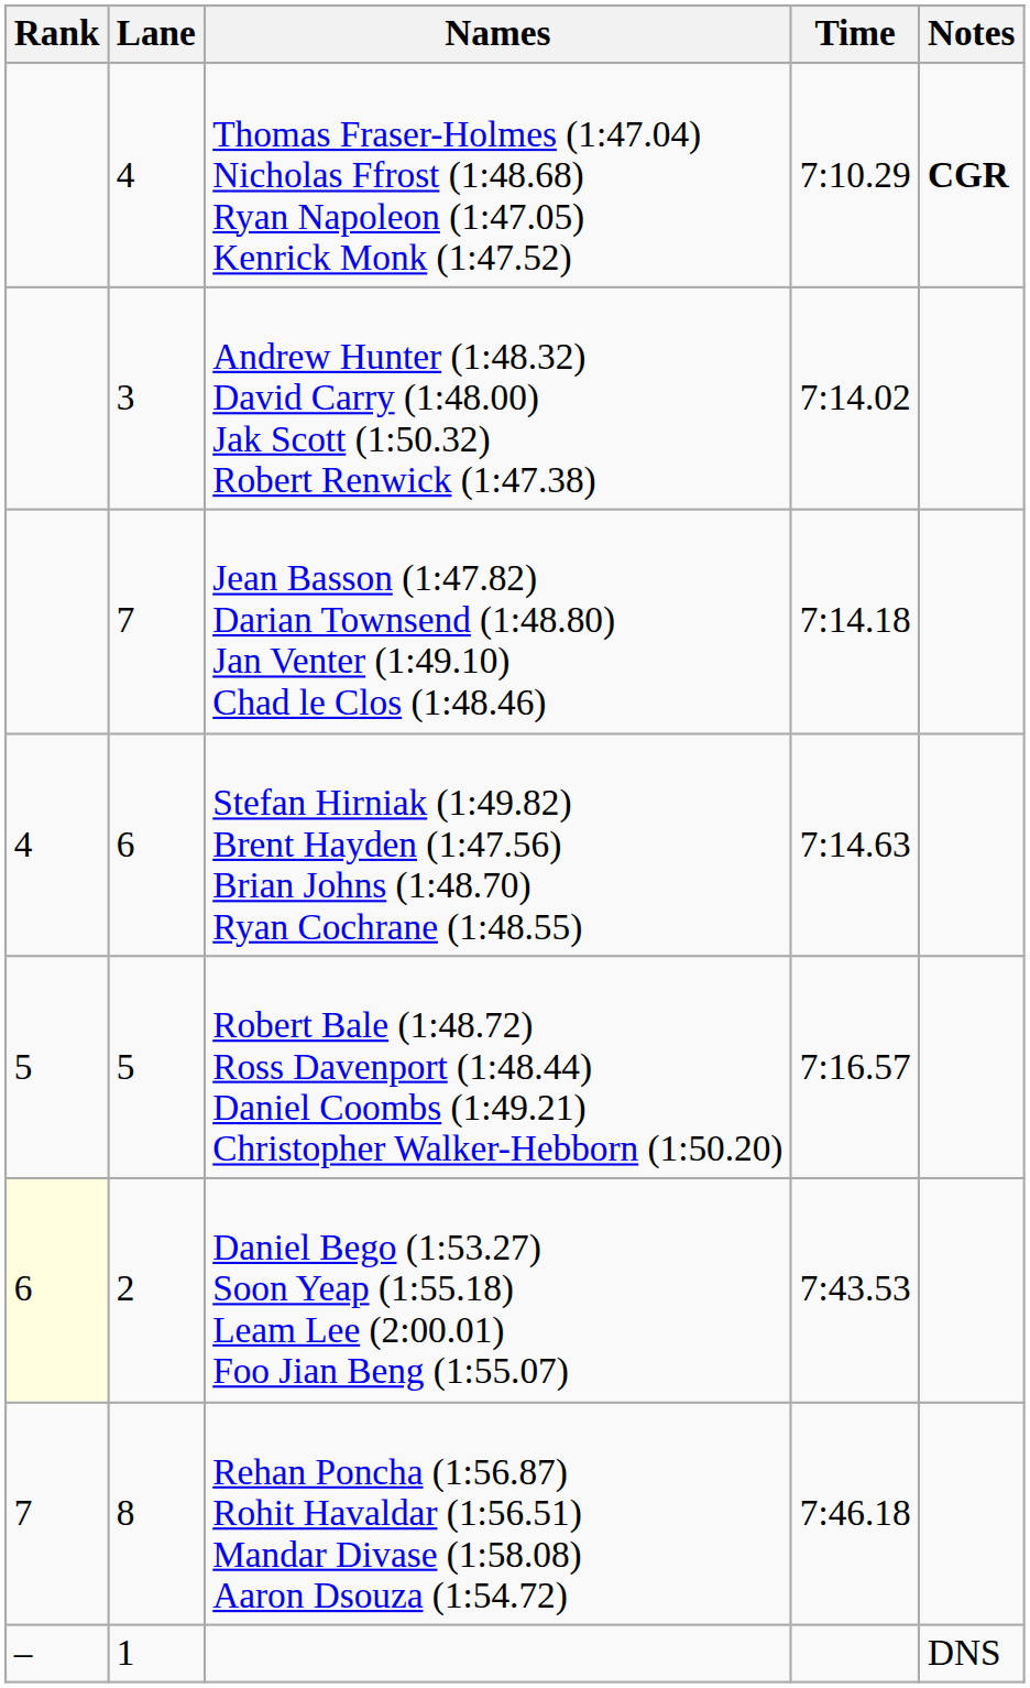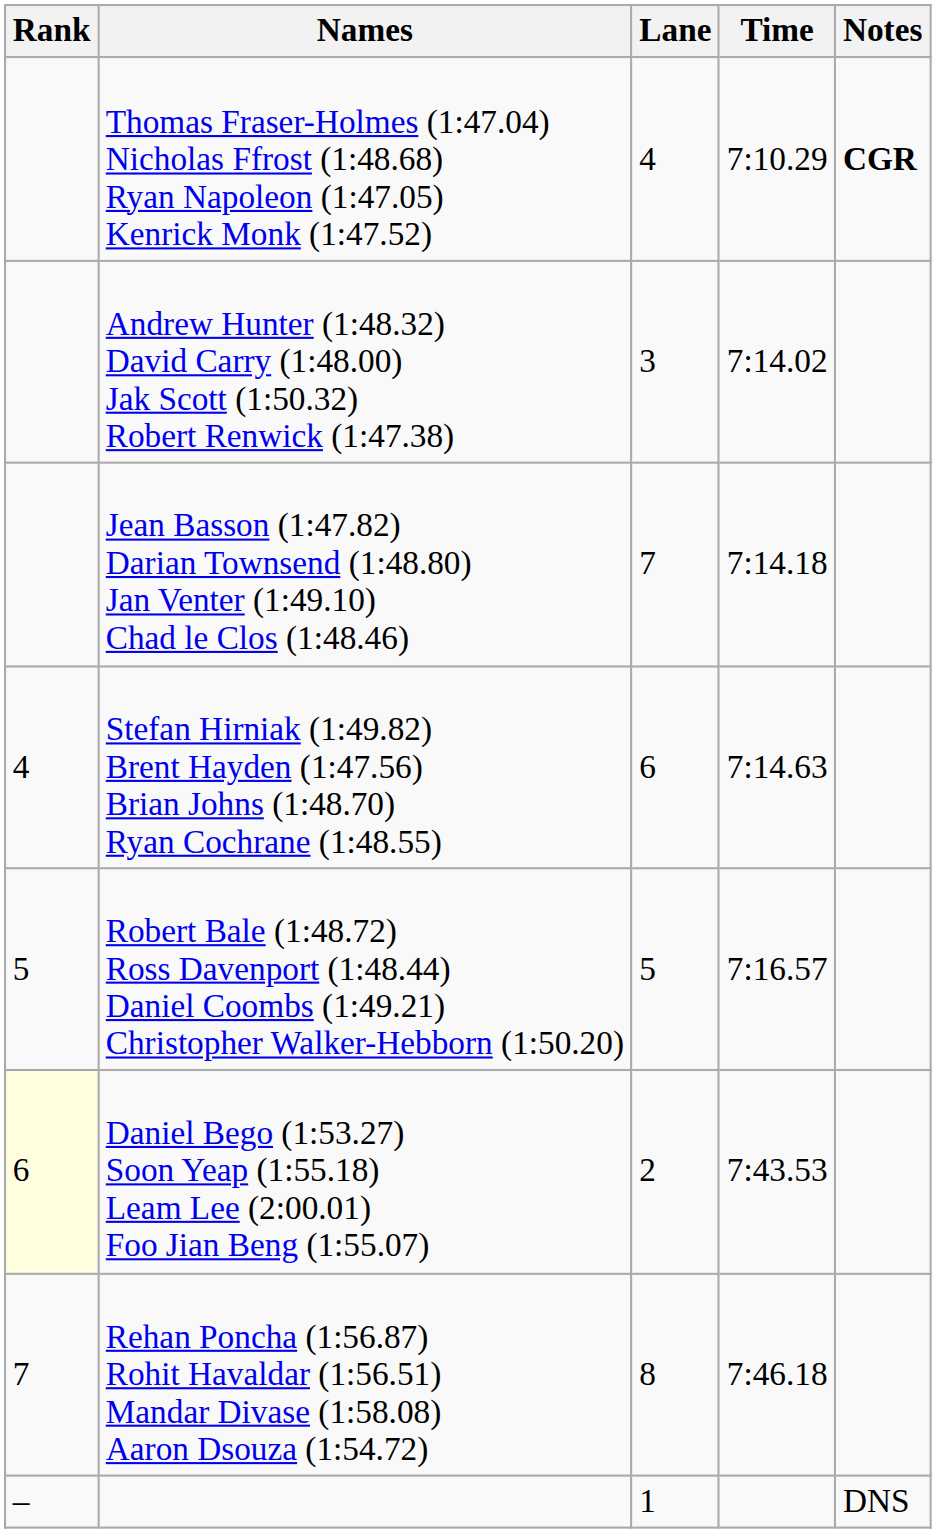 <table class="wikitable">
 <tr>
 <th>Rank</th>
+<th>Names</th>
 <th>Lane</th>
-<th>Names</th>
 <th>Time</th>
 <th>Notes</th>
 </tr>
 <tr>
 <td></td>
+<td><br><a href='#'>Thomas Fraser-Holmes</a> (1:47.04)<br><a href='#'>Nicholas Ffrost</a> (1:48.68)<br><a href='#'>Ryan Napoleon</a> (1:47.05)<br><a href='#'>Kenrick Monk</a> (1:47.52)</td>
 <td>4</td>
-<td><br><a href='#'>Thomas Fraser-Holmes</a> (1:47.04)<br><a href='#'>Nicholas Ffrost</a> (1:48.68)<br><a href='#'>Ryan Napoleon</a> (1:47.05)<br><a href='#'>Kenrick Monk</a> (1:47.52)</td>
 <td>7:10.29</td>
 <td><strong>CGR</strong></td>
 </tr>
 <tr>
 <td></td>
+<td><br><a href='#'>Andrew Hunter</a> (1:48.32)<br><a href='#'>David Carry</a> (1:48.00)<br><a href='#'>Jak Scott</a> (1:50.32)<br><a href='#'>Robert Renwick</a> (1:47.38)</td>
 <td>3</td>
-<td><br><a href='#'>Andrew Hunter</a> (1:48.32)<br><a href='#'>David Carry</a> (1:48.00)<br><a href='#'>Jak Scott</a> (1:50.32)<br><a href='#'>Robert Renwick</a> (1:47.38)</td>
 <td>7:14.02</td>
 <td></td>
 </tr>
 <tr>
 <td></td>
+<td><br><a href='#'>Jean Basson</a> (1:47.82)<br><a href='#'>Darian Townsend</a> (1:48.80)<br><a href='#'>Jan Venter</a> (1:49.10)<br><a href='#'>Chad le Clos</a> (1:48.46)</td>
 <td>7</td>
-<td><br><a href='#'>Jean Basson</a> (1:47.82)<br><a href='#'>Darian Townsend</a> (1:48.80)<br><a href='#'>Jan Venter</a> (1:49.10)<br><a href='#'>Chad le Clos</a> (1:48.46)</td>
 <td>7:14.18</td>
 <td></td>
 </tr>
 <tr>
 <td>4</td>
+<td><br><a href='#'>Stefan Hirniak</a> (1:49.82)<br><a href='#'>Brent Hayden</a> (1:47.56)<br><a href='#'>Brian Johns</a> (1:48.70)<br><a href='#'>Ryan Cochrane</a> (1:48.55)</td>
 <td>6</td>
-<td><br><a href='#'>Stefan Hirniak</a> (1:49.82)<br><a href='#'>Brent Hayden</a> (1:47.56)<br><a href='#'>Brian Johns</a> (1:48.70)<br><a href='#'>Ryan Cochrane</a> (1:48.55)</td>
 <td>7:14.63</td>
 <td></td>
 </tr>
 <tr>
 <td>5</td>
+<td><br><a href='#'>Robert Bale</a> (1:48.72)<br><a href='#'>Ross Davenport</a> (1:48.44)<br><a href='#'>Daniel Coombs</a> (1:49.21)<br><a href='#'>Christopher Walker-Hebborn</a> (1:50.20)</td>
 <td>5</td>
-<td><br><a href='#'>Robert Bale</a> (1:48.72)<br><a href='#'>Ross Davenport</a> (1:48.44)<br><a href='#'>Daniel Coombs</a> (1:49.21)<br><a href='#'>Christopher Walker-Hebborn</a> (1:50.20)</td>
 <td>7:16.57</td>
 <td></td>
 </tr>
 <tr>
 <td style="background: lightyellow;">6</td>
+<td><br><a href='#'>Daniel Bego</a> (1:53.27)<br><a href='#'>Soon Yeap</a> (1:55.18)<br><a href='#'>Leam Lee</a> (2:00.01)<br><a href='#'>Foo Jian Beng</a> (1:55.07)</td>
 <td>2</td>
-<td><br><a href='#'>Daniel Bego</a> (1:53.27)<br><a href='#'>Soon Yeap</a> (1:55.18)<br><a href='#'>Leam Lee</a> (2:00.01)<br><a href='#'>Foo Jian Beng</a> (1:55.07)</td>
 <td>7:43.53</td>
 <td></td>
 </tr>
 <tr>
 <td>7</td>
+<td><br><a href='#'>Rehan Poncha</a> (1:56.87)<br><a href='#'>Rohit Havaldar</a> (1:56.51)<br><a href='#'>Mandar Divase</a> (1:58.08)<br><a href='#'>Aaron Dsouza</a> (1:54.72)</td>
 <td>8</td>
-<td><br><a href='#'>Rehan Poncha</a> (1:56.87)<br><a href='#'>Rohit Havaldar</a> (1:56.51)<br><a href='#'>Mandar Divase</a> (1:58.08)<br><a href='#'>Aaron Dsouza</a> (1:54.72)</td>
 <td>7:46.18</td>
 <td></td>
 </tr>
 <tr>
 <td>–</td>
+<td></td>
 <td>1</td>
-<td></td>
 <td></td>
 <td>DNS</td>
 </tr>
 </table>
